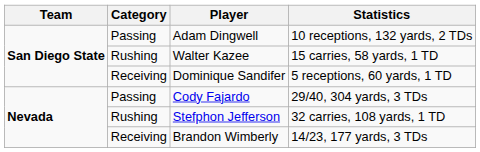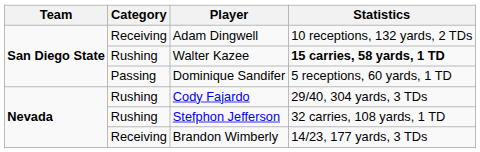 <table class="wikitable" style="float: left;">
 <tr>
 <th>Team</th>
 <th>Category</th>
 <th>Player</th>
 <th>Statistics</th>
 </tr>
 <tr>
 <td rowspan=3><strong>San Diego State</strong></td>
-<td>Passing</td>
+<td>Receiving</td>
 <td>Adam Dingwell</td>
 <td>10 receptions, 132 yards, 2 TDs</td>
 </tr>
 <tr>
 <td>Rushing</td>
 <td>Walter Kazee</td>
-<td>15 carries, 58 yards, 1 TD</td>
+<td><strong>15 carries, 58 yards, 1 TD</strong></td>
 </tr>
 <tr>
-<td>Receiving</td>
+<td>Passing</td>
 <td>Dominique Sandifer</td>
 <td>5 receptions, 60 yards, 1 TD</td>
 </tr>
 <tr>
 <td rowspan=3><strong>Nevada</strong></td>
-<td>Passing</td>
+<td>Rushing</td>
 <td><a href='#'>Cody Fajardo</a></td>
 <td>29/40, 304 yards, 3 TDs</td>
 </tr>
 <tr>
 <td>Rushing</td>
 <td><a href='#'>Stefphon Jefferson</a></td>
 <td>32 carries, 108 yards, 1 TD</td>
 </tr>
 <tr>
 <td>Receiving</td>
 <td>Brandon Wimberly</td>
 <td>14/23, 177 yards, 3 TDs</td>
 </tr>
 </table>
